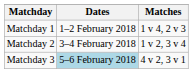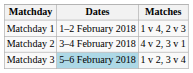 <table class="wikitable" style="text-align:center">
 <tr>
 </tr>
 <tr>
 <th>Matchday</th>
 <th>Dates</th>
 <th>Matches</th>
 </tr>
 <tr>
 <td>Matchday 1</td>
 <td>1–2 February 2018</td>
 <td>1 v 4, 2 v 3</td>
 </tr>
 <tr>
 <td>Matchday 2</td>
 <td>3–4 February 2018</td>
-<td>1 v 2, 3 v 4</td>
+<td>4 v 2, 3 v 1</td>
 </tr>
 <tr>
 <td>Matchday 3</td>
 <td style="background: lightblue;">5–6 February 2018</td>
-<td>4 v 2, 3 v 1</td>
+<td>1 v 2, 3 v 4</td>
 </tr>
 </table>
